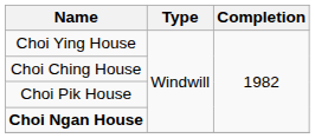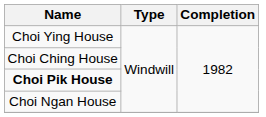 <table class="wikitable" style="text-align: center">
 <tr>
 <th>Name</th>
 <th>Type</th>
 <th>Completion</th>
 </tr>
 <tr>
 <td>Choi Ying House</td>
 <td rowspan="4">Windwill</td>
 <td rowspan="4">1982</td>
 </tr>
 <tr>
 <td>Choi Ching House</td>
 </tr>
 <tr>
-<td>Choi Pik House</td>
+<td><strong>Choi Pik House</strong></td>
 </tr>
 <tr>
-<td><strong>Choi Ngan House</strong></td>
+<td>Choi Ngan House</td>
 </tr>
 <tr>
 </tr>
 </table>
